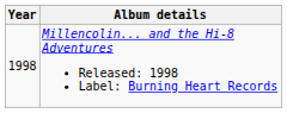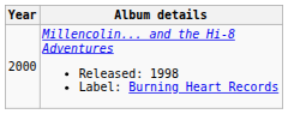 <table class="wikitable">
 <tr>
 <th>Year</th>
 <th style="width:260px;">Album details</th>
 </tr>
 <tr>
-<td>1998</td>
+<td>2000</td>
 <td><em><a href='#'>Millencolin... and the Hi-8 Adventures</a></em><br><ul><li>Released: 1998</li><li>Label: <a href='#'>Burning Heart Records</a></li></ul></td>
 </tr>
 </table>
